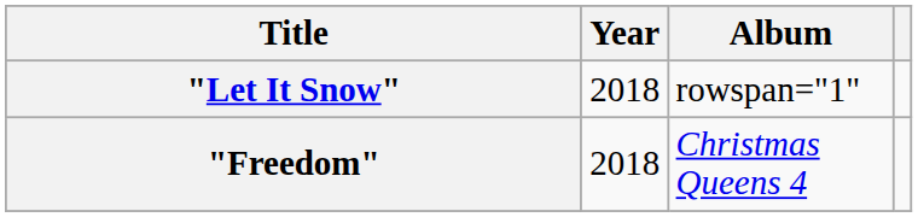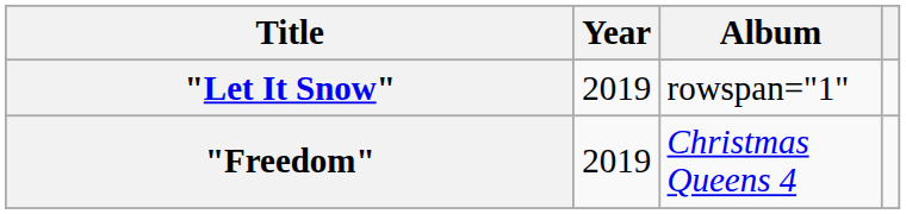 <table class="wikitable plainrowheaders sortable" style="text-align:left;">
 <tr>
 <th scope="col"  style="width:16em;">Title</th>
 <th scope="col"  style="width:2em;">Year</th>
 <th scope="col"  style="width:6em;">Album</th>
 <th rowspan="1"  style="text-align: center" class="unsortable"></th>
 </tr>
 <tr>
 <th scope="row">"<a href='#'>Let It Snow</a>"</th>
-<td rowspan="1">2018</td>
+<td rowspan="1">2019</td>
 <td>rowspan="1" </td>
 <td style="text-align: center;"></td>
 </tr>
 <tr>
 <th scope="row">"Freedom"</th>
-<td rowspan="1">2018</td>
+<td rowspan="1">2019</td>
 <td rowspan="1"><em><a href='#'>Christmas Queens 4</a></em></td>
 <td style="text-align: center;"></td>
 </tr>
 </table>
